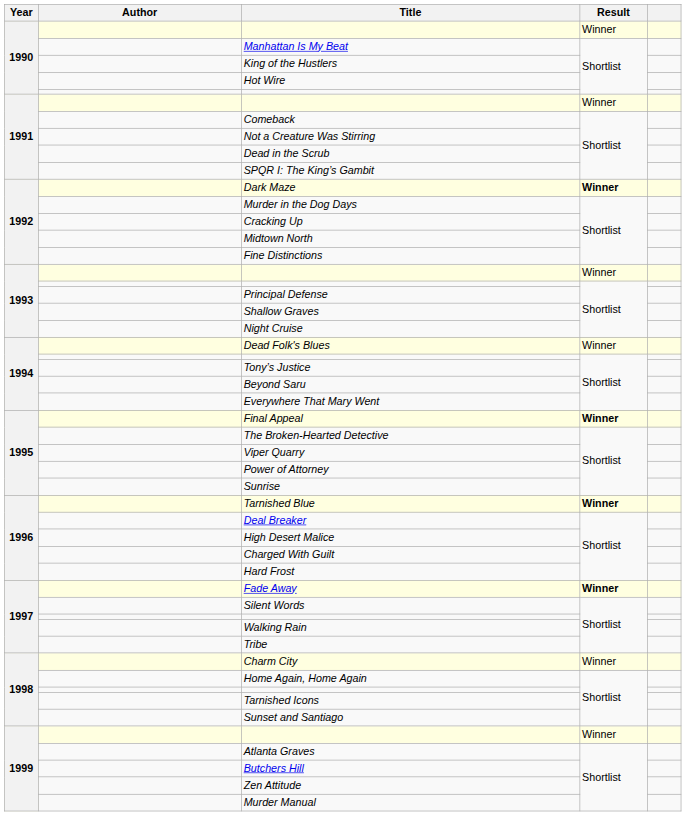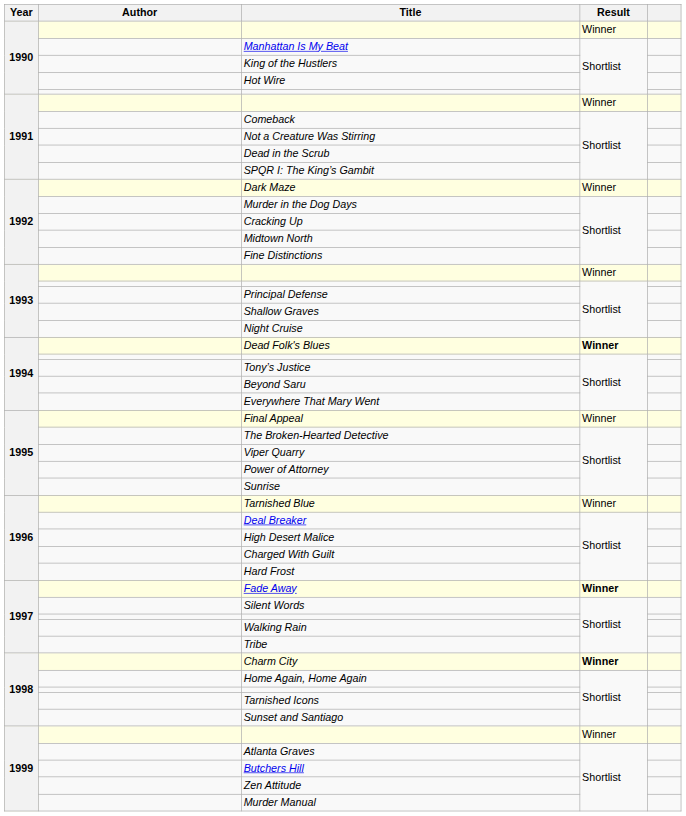 <table class="wikitable sortable mw-collapsible" style="width:80%">
 <tr>
 <th scope="col" width="5%">Year</th>
 <th scope="col" width="30%">Author</th>
 <th scope="col" width="50%">Title</th>
 <th scope="col" width="10%">Result</th>
 <th scope="col" width="5%"></th>
 </tr>
 <tr style="background:lightyellow;">
 <th rowspan="5">1990</th>
 <td></td>
 <td><em></em></td>
 <td>Winner</td>
 <td></td>
 </tr>
 <tr>
 <td></td>
 <td><em><a href='#'>Manhattan Is My Beat</a></em></td>
 <td rowspan="4">Shortlist</td>
 <td></td>
 </tr>
 <tr>
 <td></td>
 <td><em>King of the Hustlers</em></td>
 <td></td>
 </tr>
 <tr>
 <td></td>
 <td><em>Hot Wire</em></td>
 <td></td>
 </tr>
 <tr>
 <td></td>
 <td></td>
 <td></td>
 </tr>
 <tr style="background:lightyellow;">
 <th rowspan="5">1991</th>
 <td></td>
 <td><em></em></td>
 <td>Winner</td>
 <td></td>
 </tr>
 <tr>
 <td></td>
 <td><em>Comeback</em></td>
 <td rowspan="4">Shortlist</td>
 <td></td>
 </tr>
 <tr>
 <td></td>
 <td><em>Not a Creature Was Stirring</em></td>
 <td></td>
 </tr>
 <tr>
 <td></td>
 <td><em>Dead in the Scrub</em></td>
 <td></td>
 </tr>
 <tr>
 <td></td>
 <td><em>SPQR I: The King’s Gambit</em></td>
 <td></td>
 </tr>
 <tr style="background:lightyellow;">
 <th rowspan="5">1992</th>
 <td></td>
 <td><em>Dark Maze</em></td>
-<td><strong>Winner</strong></td>
+<td>Winner</td>
 <td></td>
 </tr>
 <tr>
 <td></td>
 <td><em>Murder in the Dog Days</em></td>
 <td rowspan="4">Shortlist</td>
 <td></td>
 </tr>
 <tr>
 <td></td>
 <td><em>Cracking Up</em></td>
 <td></td>
 </tr>
 <tr>
 <td></td>
 <td><em>Midtown North</em></td>
 <td></td>
 </tr>
 <tr>
 <td></td>
 <td><em>Fine Distinctions</em></td>
 <td></td>
 </tr>
 <tr style="background:lightyellow;">
 <th rowspan="5">1993</th>
 <td></td>
 <td><em></em></td>
 <td>Winner</td>
 <td></td>
 </tr>
 <tr>
 <td></td>
 <td></td>
 <td rowspan="4">Shortlist</td>
 <td></td>
 </tr>
 <tr>
 <td></td>
 <td><em>Principal Defense</em></td>
 <td></td>
 </tr>
 <tr>
 <td></td>
 <td><em>Shallow Graves</em></td>
 <td></td>
 </tr>
 <tr>
 <td></td>
 <td><em>Night Cruise</em></td>
 <td></td>
 </tr>
 <tr style="background:lightyellow;">
 <th rowspan="5">1994</th>
 <td></td>
 <td><em>Dead Folk's Blues</em></td>
-<td>Winner</td>
+<td><strong>Winner</strong></td>
 <td></td>
 </tr>
 <tr>
 <td></td>
 <td></td>
 <td rowspan="4">Shortlist</td>
 <td></td>
 </tr>
 <tr>
 <td></td>
 <td><em>Tony’s Justice</em></td>
 <td></td>
 </tr>
 <tr>
 <td></td>
 <td><em>Beyond Saru</em></td>
 <td></td>
 </tr>
 <tr>
 <td></td>
 <td><em>Everywhere That Mary Went</em></td>
 <td></td>
 </tr>
 <tr style="background:lightyellow;">
 <th rowspan="5">1995</th>
 <td></td>
 <td><em>Final Appeal</em></td>
-<td><strong>Winner</strong></td>
+<td>Winner</td>
 <td></td>
 </tr>
 <tr>
 <td></td>
 <td><em>The Broken-Hearted Detective</em></td>
 <td rowspan="4">Shortlist</td>
 <td></td>
 </tr>
 <tr>
 <td></td>
 <td><em>Viper Quarry</em></td>
 <td></td>
 </tr>
 <tr>
 <td></td>
 <td><em>Power of Attorney</em></td>
 <td></td>
 </tr>
 <tr>
 <td></td>
 <td><em>Sunrise</em></td>
 <td></td>
 </tr>
 <tr style="background:lightyellow;">
 <th rowspan="5">1996</th>
 <td></td>
 <td><em>Tarnished Blue</em></td>
-<td><strong>Winner</strong></td>
+<td>Winner</td>
 <td></td>
 </tr>
 <tr>
 <td></td>
 <td><em><a href='#'>Deal Breaker</a></em></td>
 <td rowspan="4">Shortlist</td>
 <td></td>
 </tr>
 <tr>
 <td></td>
 <td><em>High Desert Malice</em></td>
 <td></td>
 </tr>
 <tr>
 <td></td>
 <td><em>Charged With Guilt</em></td>
 <td></td>
 </tr>
 <tr>
 <td></td>
 <td><em>Hard Frost</em></td>
 <td></td>
 </tr>
 <tr style="background:lightyellow;">
 <th rowspan="5">1997</th>
 <td></td>
 <td><a href='#'><em>Fade Away</em></a></td>
 <td><strong>Winner</strong></td>
 <td></td>
 </tr>
 <tr>
 <td></td>
 <td><em>Silent Words</em></td>
 <td rowspan="4">Shortlist</td>
 <td></td>
 </tr>
 <tr>
 <td></td>
 <td></td>
 <td></td>
 </tr>
 <tr>
 <td></td>
 <td><em>Walking Rain</em></td>
 <td></td>
 </tr>
 <tr>
 <td></td>
 <td><em>Tribe</em></td>
 <td></td>
 </tr>
 <tr style="background:lightyellow;">
 <th rowspan="5">1998</th>
 <td></td>
 <td><em>Charm City</em></td>
-<td>Winner</td>
+<td><strong>Winner</strong></td>
 <td></td>
 </tr>
 <tr>
 <td></td>
 <td><em>Home Again, Home Again</em></td>
 <td rowspan="4">Shortlist</td>
 <td></td>
 </tr>
 <tr>
 <td></td>
 <td></td>
 <td></td>
 </tr>
 <tr>
 <td></td>
 <td><em>Tarnished Icons</em></td>
 <td></td>
 </tr>
 <tr>
 <td></td>
 <td><em>Sunset and Santiago</em></td>
 <td></td>
 </tr>
 <tr style="background:lightyellow;">
 <th rowspan="5">1999</th>
 <td></td>
 <td><em></em></td>
 <td>Winner</td>
 <td></td>
 </tr>
 <tr>
 <td></td>
 <td><em>Atlanta Graves</em></td>
 <td rowspan="4">Shortlist</td>
 <td></td>
 </tr>
 <tr>
 <td></td>
 <td><em><a href='#'>Butchers Hill</a></em></td>
 <td></td>
 </tr>
 <tr>
 <td></td>
 <td><em>Zen Attitude</em></td>
 <td></td>
 </tr>
 <tr>
 <td></td>
 <td><em>Murder Manual</em></td>
 <td></td>
 </tr>
 </table>
